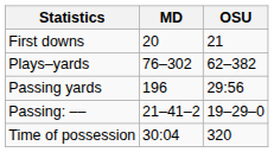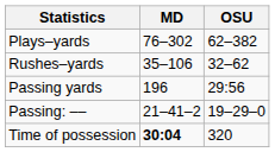 <table class="wikitable" style="float:left">
 <tr>
 <th>Statistics</th>
 <th>MD</th>
 <th>OSU</th>
 </tr>
 <tr>
-<td>First downs</td>
-<td>20</td>
-<td>21</td>
-</tr>
-<tr>
 <td>Plays–yards</td>
 <td>76–302</td>
 <td>62–382</td>
+</tr>
+<tr>
+<td>Rushes–yards</td>
+<td>35–106</td>
+<td>32–62</td>
 </tr>
 <tr>
 <td>Passing yards</td>
 <td>196</td>
 <td>29:56</td>
 </tr>
 <tr>
 <td>Passing: ––</td>
 <td>21–41–2</td>
 <td>19–29–0</td>
 </tr>
 <tr>
 <td>Time of possession</td>
-<td>30:04</td>
+<td><strong>30:04</strong></td>
 <td>320</td>
 </tr>
 </table>
